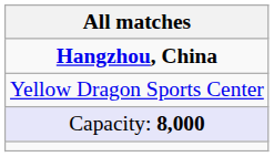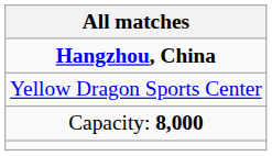 <table class="wikitable" style="text-align: center;">
 <tr>
 <th>All matches</th>
 </tr>
 <tr>
 <td><strong><a href='#'>Hangzhou</a>, China</strong></td>
 </tr>
 <tr>
 <td><a href='#'>Yellow Dragon Sports Center</a></td>
 </tr>
 <tr>
-<td style="background: lavender;">Capacity: <strong>8,000</strong></td>
+<td>Capacity: <strong>8,000</strong></td>
 </tr>
 <tr>
 <td></td>
 </tr>
 </table>
